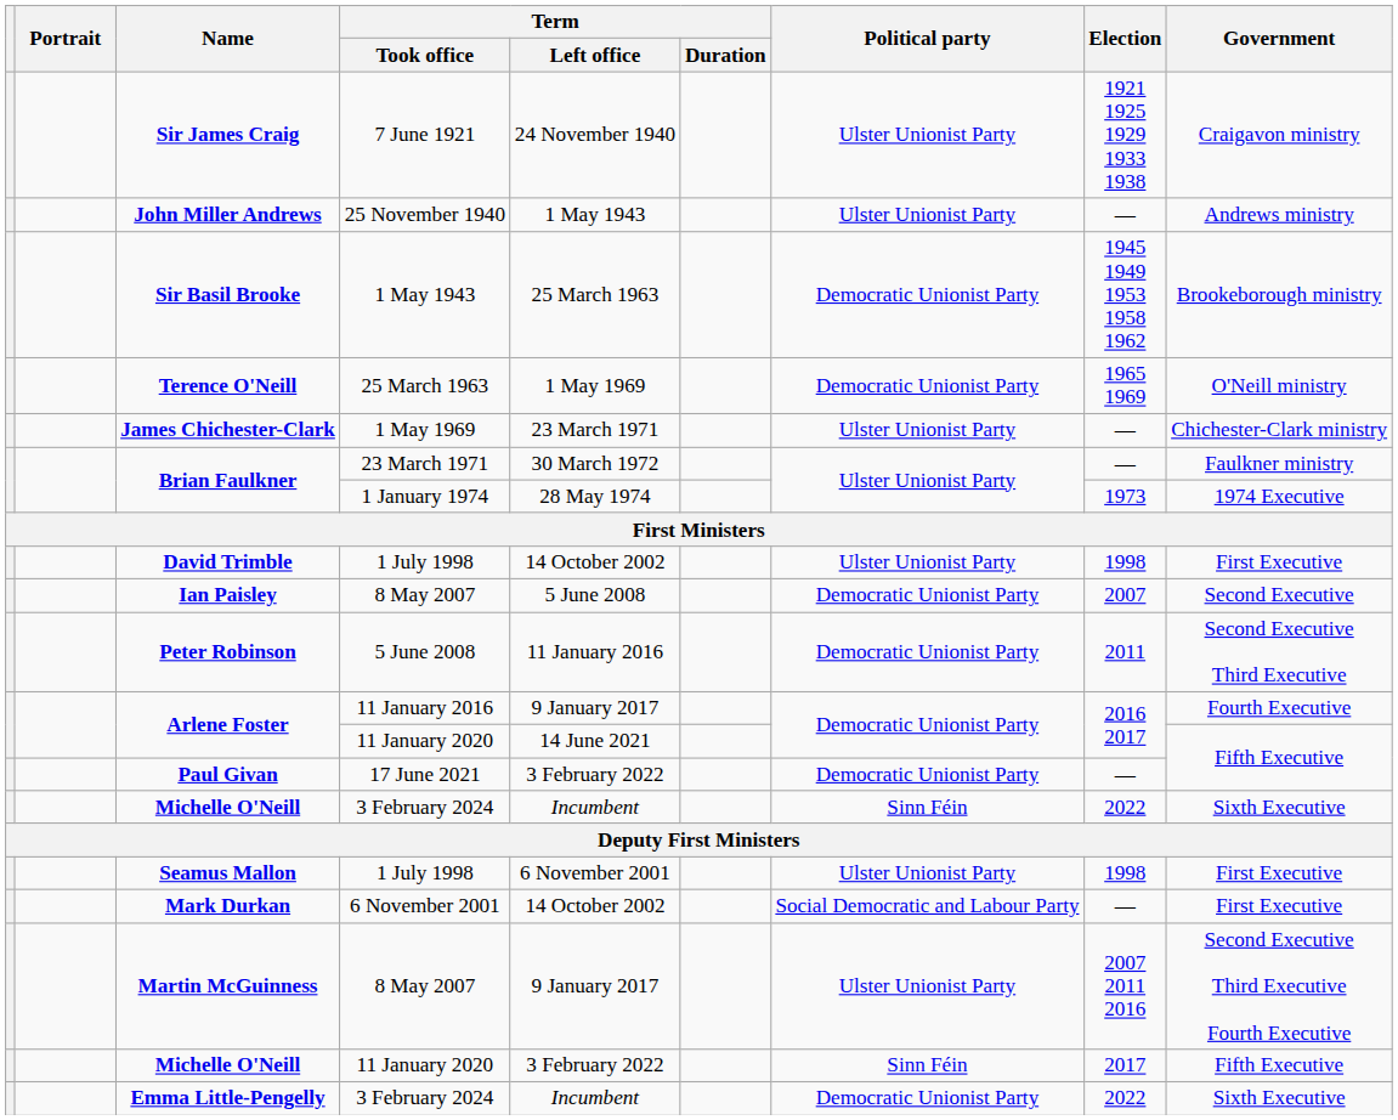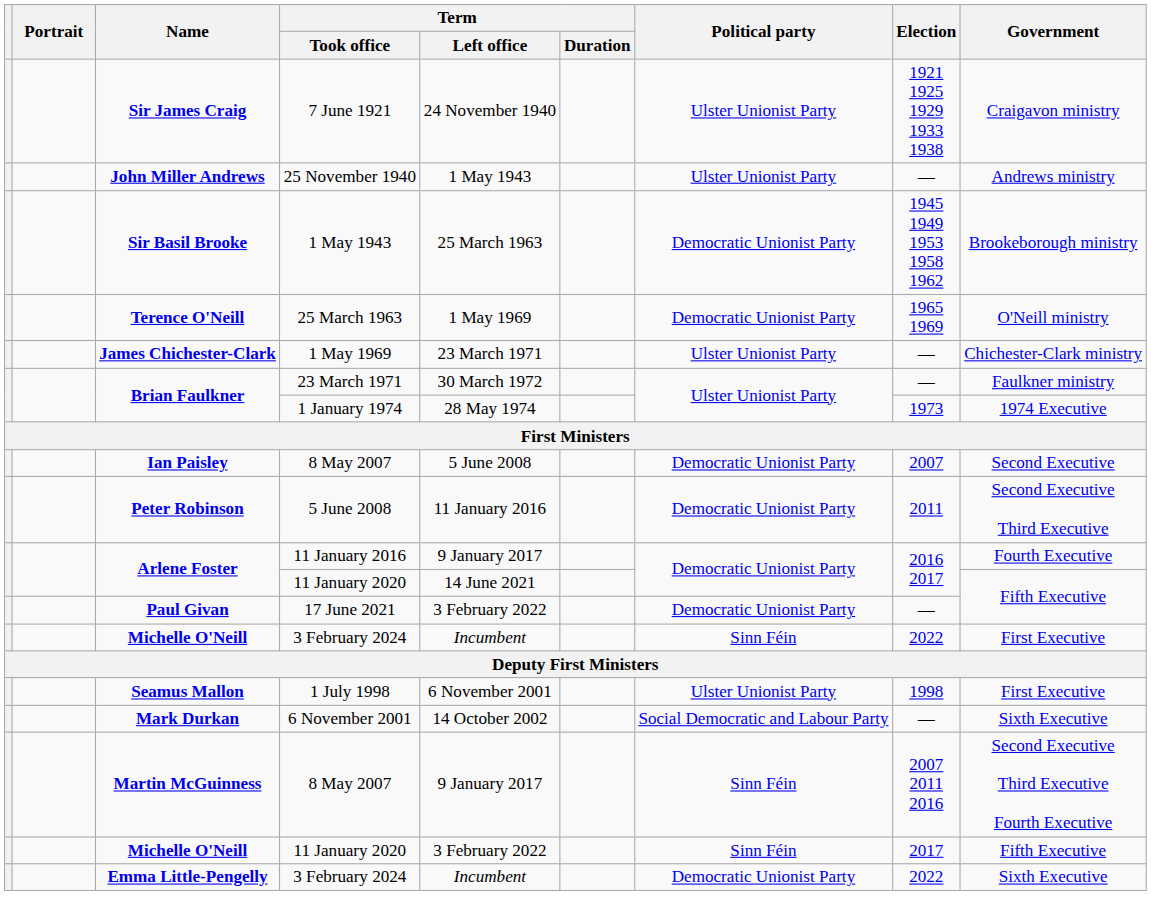 <table class="wikitable" style="text-align:center">
 <tr>
 <th rowspan="2"></th>
 <th rowspan="2" width="70px">Portrait</th>
 <th rowspan="2">Name<br></th>
 <th colspan="3">Term</th>
 <th rowspan="2">Political party</th>
 <th rowspan="2">Election</th>
 <th rowspan="2">Government</th>
 </tr>
 <tr>
 <th>Took office</th>
 <th>Left office</th>
 <th>Duration</th>
 </tr>
 <tr>
 <th style="background:"></th>
 <td></td>
 <td><strong><a href='#'>Sir James Craig</a></strong><br></td>
 <td>7 June 1921</td>
 <td>24 November 1940</td>
 <td></td>
 <td><a href='#'>Ulster Unionist Party</a></td>
 <td><a href='#'>1921</a><br><a href='#'>1925</a><br><a href='#'>1929</a><br><a href='#'>1933</a><br><a href='#'>1938</a></td>
 <td><a href='#'>Craigavon ministry</a></td>
 </tr>
 <tr>
 <th style="background:"></th>
 <td></td>
 <td><strong><a href='#'>John Miller Andrews</a></strong><br></td>
 <td>25 November 1940</td>
 <td>1 May 1943</td>
 <td></td>
 <td><a href='#'>Ulster Unionist Party</a></td>
 <td>—</td>
 <td><a href='#'>Andrews ministry</a></td>
 </tr>
 <tr>
 <th style="background:"></th>
 <td></td>
 <td><strong><a href='#'>Sir Basil Brooke</a></strong><br></td>
 <td>1 May 1943</td>
 <td>25 March 1963</td>
 <td></td>
 <td><a href='#'>Democratic Unionist Party</a></td>
 <td><a href='#'>1945</a><br><a href='#'>1949</a><br><a href='#'>1953</a><br><a href='#'>1958</a><br><a href='#'>1962</a></td>
 <td><a href='#'>Brookeborough ministry</a></td>
 </tr>
 <tr>
 <th style="background:"></th>
 <td></td>
 <td><strong><a href='#'>Terence O'Neill</a></strong><br></td>
 <td>25 March 1963</td>
 <td>1 May 1969</td>
 <td></td>
 <td><a href='#'>Democratic Unionist Party</a></td>
 <td><a href='#'>1965</a><br><a href='#'>1969</a></td>
 <td><a href='#'>O'Neill ministry</a></td>
 </tr>
 <tr>
 <th style="background:"></th>
 <td></td>
 <td><strong><a href='#'>James Chichester-Clark</a></strong><br></td>
 <td>1 May 1969</td>
 <td>23 March 1971</td>
 <td></td>
 <td><a href='#'>Ulster Unionist Party</a></td>
 <td>—</td>
 <td><a href='#'>Chichester-Clark ministry</a></td>
 </tr>
 <tr>
 <th rowspan=2 style="background:"></th>
 <td rowspan=2></td>
 <td rowspan=2><strong><a href='#'>Brian Faulkner</a></strong><br></td>
 <td>23 March 1971</td>
 <td>30 March 1972</td>
 <td></td>
 <td rowspan=2><a href='#'>Ulster Unionist Party</a></td>
 <td>—</td>
 <td><a href='#'>Faulkner ministry</a></td>
 </tr>
 <tr>
 <td>1 January 1974</td>
 <td>28 May 1974</td>
 <td></td>
 <td><a href='#'>1973</a></td>
 <td><a href='#'>1974 Executive</a></td>
 </tr>
 <tr>
 <th colspan=9>First Ministers</th>
 </tr>
 <tr>
 <th style="background:"></th>
 <td></td>
-<td><strong><a href='#'>David Trimble</a></strong><br></td>
-<td>1 July 1998</td>
-<td>14 October 2002</td>
-<td></td>
-<td><a href='#'>Ulster Unionist Party</a></td>
-<td><a href='#'>1998</a></td>
-<td><a href='#'>First Executive</a></td>
-</tr>
-<tr>
-<th style="background:"></th>
-<td></td>
 <td><strong><a href='#'>Ian Paisley</a></strong><br></td>
 <td>8 May 2007</td>
 <td>5 June 2008</td>
 <td></td>
 <td><a href='#'>Democratic Unionist Party</a></td>
 <td><a href='#'>2007</a></td>
 <td><a href='#'>Second Executive</a></td>
 </tr>
 <tr>
 <th style="background:"></th>
 <td></td>
 <td><strong><a href='#'>Peter Robinson</a></strong><br></td>
 <td>5 June 2008</td>
 <td>11 January 2016</td>
 <td></td>
 <td><a href='#'>Democratic Unionist Party</a></td>
 <td><a href='#'>2011</a></td>
 <td><a href='#'>Second Executive</a><br><br><a href='#'>Third Executive</a><br></td>
 </tr>
 <tr>
 <th rowspan=2 style="background:"></th>
 <td rowspan=2></td>
 <td rowspan=2><strong><a href='#'>Arlene Foster</a></strong><br></td>
 <td>11 January 2016</td>
 <td>9 January 2017</td>
 <td></td>
 <td rowspan=2><a href='#'>Democratic Unionist Party</a></td>
 <td rowspan=2><a href='#'>2016</a><br><a href='#'>2017</a></td>
 <td><a href='#'>Fourth Executive</a></td>
 </tr>
 <tr>
 <td>11 January 2020</td>
 <td>14 June 2021</td>
 <td></td>
 <td rowspan=2><a href='#'>Fifth Executive</a></td>
 </tr>
 <tr>
 <th style="background:"></th>
 <td></td>
 <td><strong><a href='#'>Paul Givan</a></strong><br></td>
 <td>17 June 2021</td>
 <td>3 February 2022</td>
 <td></td>
 <td><a href='#'>Democratic Unionist Party</a></td>
 <td>—</td>
 </tr>
 <tr>
 <th style="background:"></th>
 <td></td>
 <td><strong><a href='#'>Michelle O'Neill</a></strong><br></td>
 <td>3 February 2024</td>
 <td><em>Incumbent</em></td>
 <td></td>
 <td><a href='#'>Sinn Féin</a></td>
 <td><a href='#'>2022</a></td>
-<td><a href='#'>Sixth Executive</a></td>
+<td><a href='#'>First Executive</a></td>
 </tr>
 <tr>
 <th colspan=9>Deputy First Ministers</th>
 </tr>
 <tr>
 <th style="background:"></th>
 <td></td>
 <td><strong><a href='#'>Seamus Mallon</a></strong><br></td>
 <td>1 July 1998</td>
 <td>6 November 2001</td>
 <td></td>
 <td><a href='#'>Ulster Unionist Party</a></td>
 <td><a href='#'>1998</a></td>
 <td><a href='#'>First Executive</a></td>
 </tr>
 <tr>
 <th style="background:"></th>
 <td></td>
 <td><strong><a href='#'>Mark Durkan</a></strong><br></td>
 <td>6 November 2001</td>
 <td>14 October 2002</td>
 <td></td>
 <td><a href='#'>Social Democratic and Labour Party</a></td>
 <td>—</td>
-<td><a href='#'>First Executive</a></td>
+<td><a href='#'>Sixth Executive</a></td>
 </tr>
 <tr>
 <th style="background:"></th>
 <td></td>
 <td><strong><a href='#'>Martin McGuinness</a></strong><br></td>
 <td>8 May 2007</td>
 <td>9 January 2017</td>
 <td></td>
-<td><a href='#'>Ulster Unionist Party</a></td>
+<td><a href='#'>Sinn Féin</a></td>
 <td><a href='#'>2007</a><br><a href='#'>2011</a><br><a href='#'>2016</a></td>
 <td><a href='#'>Second Executive</a><br><br><a href='#'>Third Executive</a><br><br><a href='#'>Fourth Executive</a><br></td>
 </tr>
 <tr>
 <th style="background:"></th>
 <td></td>
 <td><strong><a href='#'>Michelle O'Neill</a></strong><br></td>
 <td>11 January 2020</td>
 <td>3 February 2022</td>
 <td></td>
 <td><a href='#'>Sinn Féin</a></td>
 <td><a href='#'>2017</a></td>
 <td><a href='#'>Fifth Executive</a></td>
 </tr>
 <tr>
 <th style="background:"></th>
 <td></td>
 <td><strong><a href='#'>Emma Little-Pengelly</a></strong><br></td>
 <td>3 February 2024</td>
 <td><em>Incumbent</em></td>
 <td></td>
 <td><a href='#'>Democratic Unionist Party</a></td>
 <td><a href='#'>2022</a></td>
 <td><a href='#'>Sixth Executive</a></td>
 </tr>
 </table>
